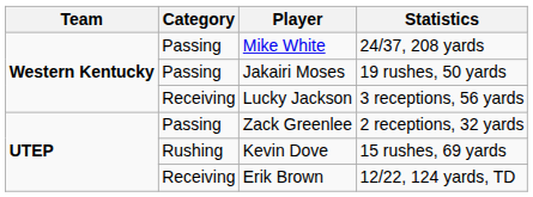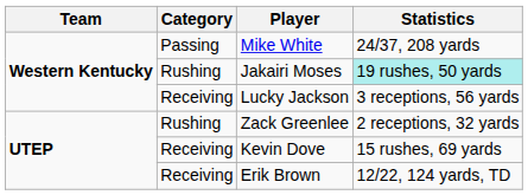 <table class="wikitable" style="float: left;">
 <tr>
 <th>Team</th>
 <th>Category</th>
 <th>Player</th>
 <th>Statistics</th>
 </tr>
 <tr>
 <td rowspan=3><strong>Western Kentucky</strong></td>
 <td>Passing</td>
 <td><a href='#'>Mike White</a></td>
 <td>24/37, 208 yards</td>
 </tr>
 <tr>
-<td>Passing</td>
+<td>Rushing</td>
 <td>Jakairi Moses</td>
-<td>19 rushes, 50 yards</td>
+<td style="background: paleturquoise;">19 rushes, 50 yards</td>
 </tr>
 <tr>
 <td>Receiving</td>
 <td>Lucky Jackson</td>
 <td>3 receptions, 56 yards</td>
 </tr>
 <tr>
 <td rowspan=3><strong>UTEP</strong></td>
-<td>Passing</td>
+<td>Rushing</td>
 <td>Zack Greenlee</td>
 <td>2 receptions, 32 yards</td>
 </tr>
 <tr>
-<td>Rushing</td>
+<td>Receiving</td>
 <td>Kevin Dove</td>
 <td>15 rushes, 69 yards</td>
 </tr>
 <tr>
 <td>Receiving</td>
 <td>Erik Brown</td>
 <td>12/22, 124 yards, TD</td>
 </tr>
 </table>
